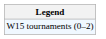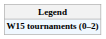 <table class=wikitable style=font-size:85%;>
 <tr>
 <th>Legend</th>
 </tr>
 <tr style="background:#f0f8ff;">
-<td>W15 tournaments (0–2)</td>
+<td><strong>W15 tournaments (0–2)</strong></td>
 </tr>
 </table>
